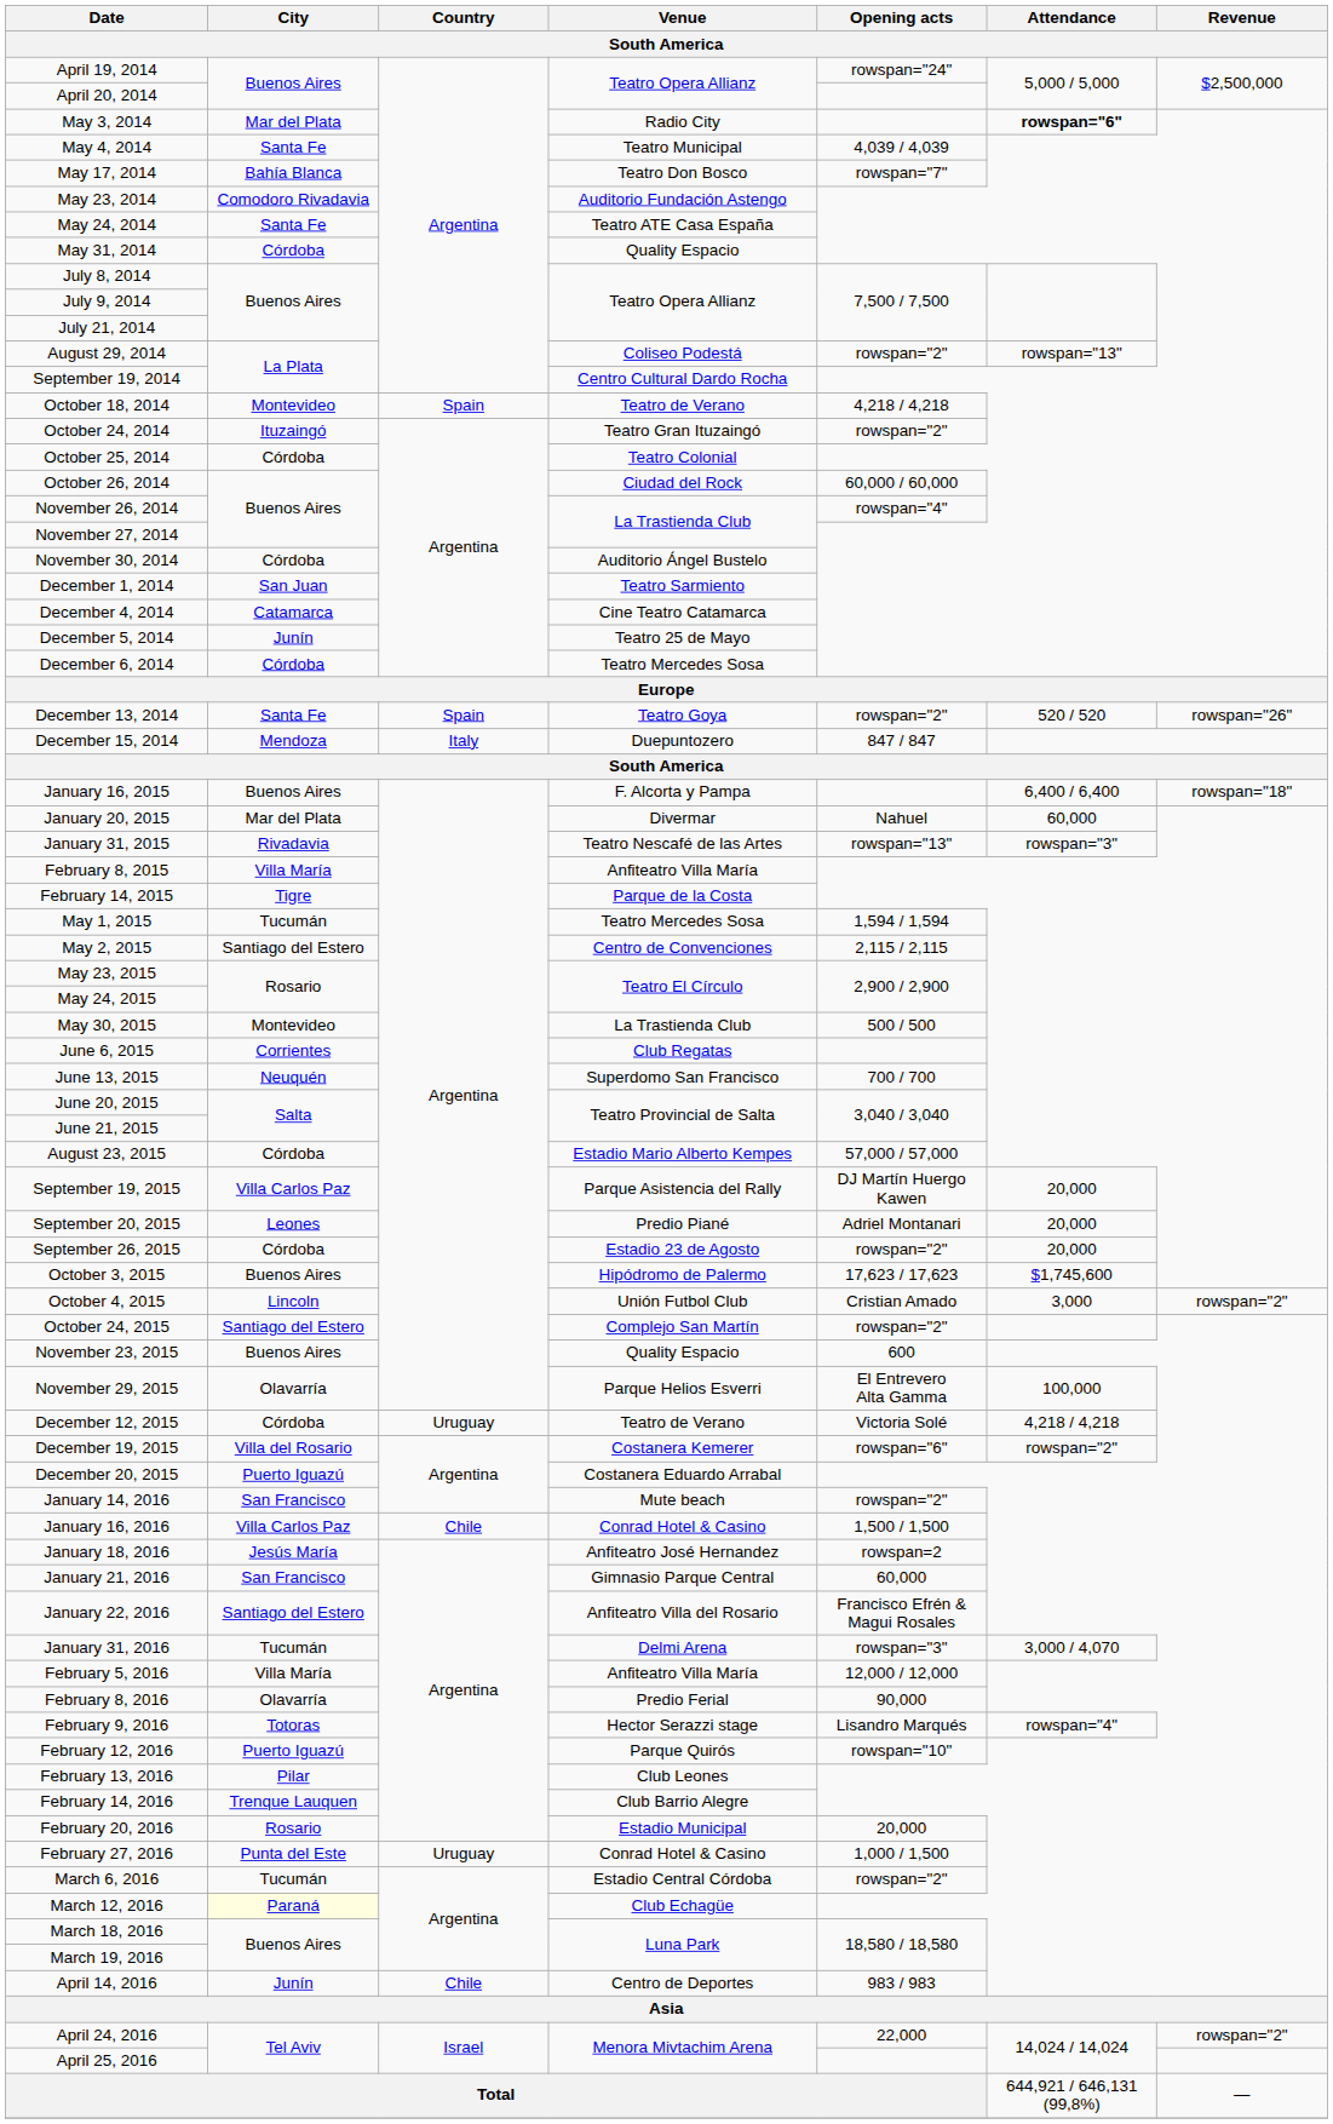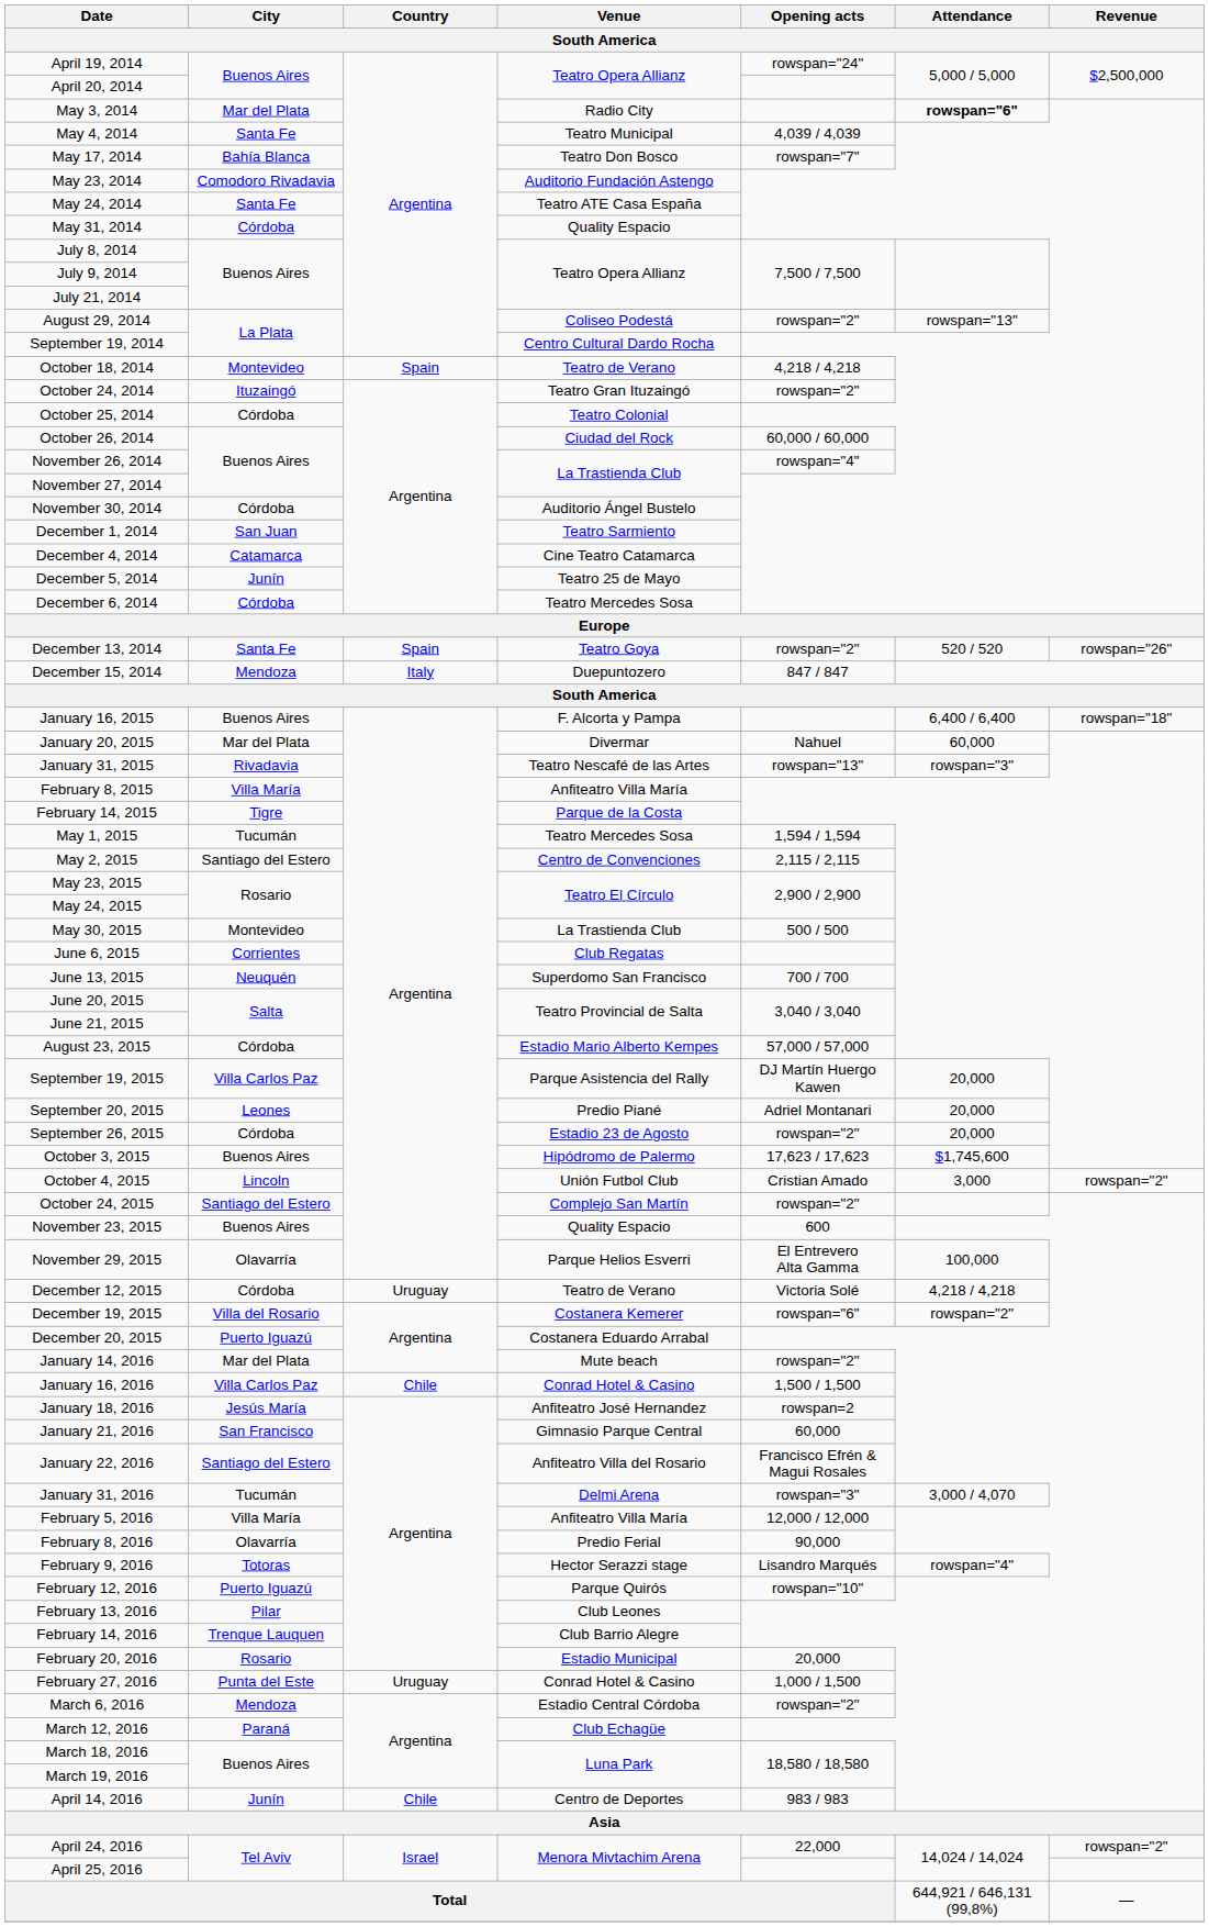 <table class="wikitable plainrowheaders" style="text-align:center;">
 <tr>
 <th scope="col" style="width:12em;">Date</th>
 <th scope="col" style="width:10em;">City</th>
 <th scope="col" style="width:10em;">Country</th>
 <th scope="col" style="width:16em;">Venue</th>
 <th scope="col" style="width:10em;">Opening acts</th>
 <th scope="col" style="width:10em;">Attendance</th>
 <th scope="col" style="width:10em;">Revenue</th>
 </tr>
 <tr>
 <th colspan="7">South America</th>
 </tr>
 <tr>
 <td>April 19, 2014</td>
 <td rowspan="2"><a href='#'>Buenos Aires</a></td>
 <td rowspan="13"> <a href='#'>Argentina</a></td>
 <td rowspan="2"><a href='#'>Teatro Opera Allianz</a></td>
 <td>rowspan="24" </td>
 <td rowspan="2">5,000 / 5,000</td>
 <td rowspan="2"><a href='#'>$</a>2,500,000</td>
 </tr>
 <tr>
 <td>April 20, 2014</td>
 </tr>
 <tr>
 <td>May 3, 2014</td>
 <td><a href='#'>Mar del Plata</a></td>
 <td>Radio City</td>
 <td></td>
 <td><strong>rowspan="6" </strong></td>
 </tr>
 <tr>
 <td>May 4, 2014</td>
 <td><a href='#'>Santa Fe</a></td>
 <td>Teatro Municipal</td>
 <td>4,039 / 4,039</td>
 </tr>
 <tr>
 <td>May 17, 2014</td>
 <td><a href='#'>Bahía Blanca</a></td>
 <td>Teatro Don Bosco</td>
 <td>rowspan="7" </td>
 </tr>
 <tr>
 <td>May 23, 2014</td>
 <td><a href='#'>Comodoro Rivadavia</a></td>
 <td><a href='#'>Auditorio Fundación Astengo</a></td>
 </tr>
 <tr>
 <td>May 24, 2014</td>
 <td><a href='#'>Santa Fe</a></td>
 <td>Teatro ATE Casa España</td>
 </tr>
 <tr>
 <td>May 31, 2014</td>
 <td><a href='#'>Córdoba</a></td>
 <td>Quality Espacio</td>
 </tr>
 <tr>
 <td>July 8, 2014</td>
 <td rowspan="3">Buenos Aires</td>
 <td rowspan="3">Teatro Opera Allianz</td>
 <td rowspan="3">7,500 / 7,500</td>
 <td rowspan="3"></td>
 </tr>
 <tr>
 <td>July 9, 2014</td>
 </tr>
 <tr>
 <td>July 21, 2014</td>
 </tr>
 <tr>
 <td>August 29, 2014</td>
 <td rowspan="2"><a href='#'>La Plata</a></td>
 <td><a href='#'>Coliseo Podestá</a></td>
 <td>rowspan="2" </td>
 <td>rowspan="13" </td>
 </tr>
 <tr>
 <td>September 19, 2014</td>
 <td><a href='#'>Centro Cultural Dardo Rocha</a></td>
 </tr>
 <tr>
 <td>October 18, 2014</td>
 <td><a href='#'>Montevideo</a></td>
 <td> <a href='#'>Spain</a></td>
 <td><a href='#'>Teatro de Verano</a></td>
 <td>4,218 / 4,218</td>
 </tr>
 <tr>
 <td>October 24, 2014</td>
 <td><a href='#'>Ituzaingó</a></td>
 <td rowspan="10"> Argentina</td>
 <td>Teatro Gran Ituzaingó</td>
 <td>rowspan="2" </td>
 </tr>
 <tr>
 <td>October 25, 2014</td>
 <td>Córdoba</td>
 <td><a href='#'>Teatro Colonial</a></td>
 </tr>
 <tr>
 <td>October 26, 2014</td>
 <td rowspan="3">Buenos Aires</td>
 <td><a href='#'>Ciudad del Rock</a></td>
 <td>60,000 / 60,000</td>
 </tr>
 <tr>
 <td>November 26, 2014</td>
 <td rowspan="2"><a href='#'>La Trastienda Club</a></td>
 <td>rowspan="4" </td>
 </tr>
 <tr>
 <td>November 27, 2014</td>
 </tr>
 <tr>
 <td>November 30, 2014</td>
 <td>Córdoba</td>
 <td>Auditorio Ángel Bustelo</td>
 </tr>
 <tr>
 <td>December 1, 2014</td>
 <td><a href='#'>San Juan</a></td>
 <td><a href='#'>Teatro Sarmiento</a></td>
 </tr>
 <tr>
 <td>December 4, 2014</td>
 <td><a href='#'>Catamarca</a></td>
 <td>Cine Teatro Catamarca</td>
 </tr>
 <tr>
 <td>December 5, 2014</td>
 <td><a href='#'>Junín</a></td>
 <td>Teatro 25 de Mayo</td>
 </tr>
 <tr>
 <td>December 6, 2014</td>
 <td><a href='#'>Córdoba</a></td>
 <td>Teatro Mercedes Sosa</td>
 </tr>
 <tr>
 <th colspan="7">Europe</th>
 </tr>
 <tr>
 <td>December 13, 2014</td>
 <td><a href='#'>Santa Fe</a></td>
 <td> <a href='#'>Spain</a></td>
 <td><a href='#'>Teatro Goya</a></td>
 <td>rowspan="2" </td>
 <td>520 / 520</td>
 <td>rowspan="26" </td>
 </tr>
 <tr>
 <td>December 15, 2014</td>
 <td><a href='#'>Mendoza</a></td>
 <td> <a href='#'>Italy</a></td>
 <td>Duepuntozero</td>
 <td>847 / 847</td>
 </tr>
 <tr>
 <th colspan="7">South America</th>
 </tr>
 <tr>
 <td>January 16, 2015</td>
 <td>Buenos Aires</td>
 <td rowspan="23"> Argentina</td>
 <td>F. Alcorta y Pampa</td>
 <td></td>
 <td>6,400 / 6,400</td>
 <td>rowspan="18" </td>
 </tr>
 <tr>
 <td>January 20, 2015</td>
 <td>Mar del Plata</td>
 <td>Divermar</td>
 <td>Nahuel</td>
 <td>60,000</td>
 </tr>
 <tr>
 <td>January 31, 2015</td>
 <td><a href='#'>Rivadavia</a></td>
 <td>Teatro Nescafé de las Artes</td>
 <td>rowspan="13" </td>
 <td>rowspan="3" </td>
 </tr>
 <tr>
 <td>February 8, 2015</td>
 <td><a href='#'>Villa María</a></td>
 <td>Anfiteatro Villa María</td>
 </tr>
 <tr>
 <td>February 14, 2015</td>
 <td><a href='#'>Tigre</a></td>
 <td><a href='#'>Parque de la Costa</a></td>
 </tr>
 <tr>
 <td>May 1, 2015</td>
 <td>Tucumán</td>
 <td>Teatro Mercedes Sosa</td>
 <td>1,594 / 1,594</td>
 </tr>
 <tr>
 <td>May 2, 2015</td>
 <td>Santiago del Estero</td>
 <td><a href='#'>Centro de Convenciones</a></td>
 <td>2,115 / 2,115</td>
 </tr>
 <tr>
 <td>May 23, 2015</td>
 <td rowspan="2">Rosario</td>
 <td rowspan="2"><a href='#'>Teatro El Círculo</a></td>
 <td rowspan="2">2,900 / 2,900</td>
 </tr>
 <tr>
 <td>May 24, 2015</td>
 </tr>
 <tr>
 <td>May 30, 2015</td>
 <td>Montevideo</td>
 <td>La Trastienda Club</td>
 <td>500 / 500</td>
 </tr>
 <tr>
 <td>June 6, 2015</td>
 <td><a href='#'>Corrientes</a></td>
 <td><a href='#'>Club Regatas</a></td>
 <td></td>
 </tr>
 <tr>
 <td>June 13, 2015</td>
 <td><a href='#'>Neuquén</a></td>
 <td>Superdomo San Francisco</td>
 <td>700 / 700</td>
 </tr>
 <tr>
 <td>June 20, 2015</td>
 <td rowspan="2"><a href='#'>Salta</a></td>
 <td rowspan="2">Teatro Provincial de Salta</td>
 <td rowspan="2">3,040 / 3,040</td>
 </tr>
 <tr>
 <td>June 21, 2015</td>
 </tr>
 <tr>
 <td>August 23, 2015</td>
 <td>Córdoba</td>
 <td><a href='#'>Estadio Mario Alberto Kempes</a></td>
 <td>57,000 / 57,000</td>
 </tr>
 <tr>
 <td>September 19, 2015</td>
 <td><a href='#'>Villa Carlos Paz</a></td>
 <td>Parque Asistencia del Rally</td>
 <td>DJ Martín Huergo <br> Kawen</td>
 <td>20,000</td>
 </tr>
 <tr>
 <td>September 20, 2015</td>
 <td><a href='#'>Leones</a></td>
 <td>Predio Piané</td>
 <td>Adriel Montanari</td>
 <td>20,000</td>
 </tr>
 <tr>
 <td>September 26, 2015</td>
 <td>Córdoba</td>
 <td><a href='#'>Estadio 23 de Agosto</a></td>
 <td>rowspan="2" </td>
 <td>20,000</td>
 </tr>
 <tr>
 <td>October 3, 2015</td>
 <td>Buenos Aires</td>
 <td><a href='#'>Hipódromo de Palermo</a></td>
 <td>17,623 / 17,623</td>
 <td><a href='#'>$</a>1,745,600</td>
 </tr>
 <tr>
 <td>October 4, 2015</td>
 <td><a href='#'>Lincoln</a></td>
 <td>Unión Futbol Club</td>
 <td>Cristian Amado</td>
 <td>3,000</td>
 <td>rowspan="2" </td>
 </tr>
 <tr>
 <td>October 24, 2015</td>
 <td><a href='#'>Santiago del Estero</a></td>
 <td><a href='#'>Complejo San Martín</a></td>
 <td>rowspan="2" </td>
 <td></td>
 </tr>
 <tr>
 <td>November 23, 2015</td>
 <td>Buenos Aires</td>
 <td>Quality Espacio</td>
 <td>600</td>
 </tr>
 <tr>
 <td>November 29, 2015</td>
 <td>Olavarría</td>
 <td>Parque Helios Esverri</td>
 <td>El Entrevero <br> Alta Gamma</td>
 <td>100,000</td>
 </tr>
 <tr>
 <td>December 12, 2015</td>
 <td>Córdoba</td>
 <td> Uruguay</td>
 <td>Teatro de Verano</td>
 <td>Victoria Solé</td>
 <td>4,218 / 4,218</td>
 </tr>
 <tr>
 <td>December 19, 2015</td>
 <td><a href='#'>Villa del Rosario</a></td>
 <td rowspan="3"> Argentina</td>
 <td><a href='#'>Costanera Kemerer</a></td>
 <td>rowspan="6" </td>
 <td>rowspan="2" </td>
 </tr>
 <tr>
 <td>December 20, 2015</td>
 <td><a href='#'>Puerto Iguazú</a></td>
 <td>Costanera Eduardo Arrabal</td>
 </tr>
 <tr>
 <td>January 14, 2016</td>
-<td><a href='#'>San Francisco</a></td>
+<td>Mar del Plata</td>
 <td>Mute beach</td>
 <td>rowspan="2" </td>
 </tr>
 <tr>
 <td>January 16, 2016</td>
 <td><a href='#'>Villa Carlos Paz</a></td>
 <td> <a href='#'>Chile</a></td>
 <td><a href='#'>Conrad Hotel & Casino</a></td>
 <td>1,500 / 1,500 </td>
 </tr>
 <tr>
 <td>January 18, 2016</td>
 <td><a href='#'>Jesús María</a></td>
 <td rowspan="11"> Argentina</td>
 <td>Anfiteatro José Hernandez</td>
 <td>rowspan=2 </td>
 </tr>
 <tr>
 <td>January 21, 2016</td>
 <td><a href='#'>San Francisco</a></td>
 <td>Gimnasio Parque Central</td>
 <td>60,000</td>
 </tr>
 <tr>
 <td>January 22, 2016</td>
 <td><a href='#'>Santiago del Estero</a></td>
 <td>Anfiteatro Villa del Rosario</td>
 <td>Francisco Efrén & Magui Rosales</td>
 </tr>
 <tr>
 <td>January 31, 2016</td>
 <td>Tucumán</td>
 <td><a href='#'>Delmi Arena</a></td>
 <td>rowspan="3" </td>
 <td>3,000 / 4,070</td>
 </tr>
 <tr>
 <td>February 5, 2016</td>
 <td>Villa María</td>
 <td>Anfiteatro Villa María</td>
 <td>12,000 / 12,000</td>
 </tr>
 <tr>
 <td>February 8, 2016</td>
 <td>Olavarría</td>
 <td>Predio Ferial</td>
 <td>90,000</td>
 </tr>
 <tr>
 <td>February 9, 2016</td>
 <td><a href='#'>Totoras</a></td>
 <td>Hector Serazzi stage</td>
 <td>Lisandro Marqués</td>
 <td>rowspan="4" </td>
 </tr>
 <tr>
 <td>February 12, 2016</td>
 <td><a href='#'>Puerto Iguazú</a></td>
 <td>Parque Quirós</td>
 <td>rowspan="10" </td>
 </tr>
 <tr>
 <td>February 13, 2016</td>
 <td><a href='#'>Pilar</a></td>
 <td>Club Leones</td>
 </tr>
 <tr>
 <td>February 14, 2016</td>
 <td><a href='#'>Trenque Lauquen</a></td>
 <td>Club Barrio Alegre</td>
 </tr>
 <tr>
 <td>February 20, 2016</td>
 <td><a href='#'>Rosario</a></td>
 <td><a href='#'>Estadio Municipal</a></td>
 <td>20,000</td>
 </tr>
 <tr>
 <td>February 27, 2016</td>
 <td><a href='#'>Punta del Este</a></td>
 <td> Uruguay</td>
 <td>Conrad Hotel & Casino</td>
 <td>1,000 / 1,500</td>
 </tr>
 <tr>
 <td>March 6, 2016</td>
-<td>Tucumán</td>
+<td><a href='#'>Mendoza</a></td>
 <td rowspan="4"> Argentina</td>
 <td>Estadio Central Córdoba</td>
 <td>rowspan="2" </td>
 </tr>
 <tr>
 <td>March 12, 2016</td>
-<td style="background: lightyellow;"><a href='#'>Paraná</a></td>
+<td><a href='#'>Paraná</a></td>
 <td><a href='#'>Club Echagüe</a></td>
 </tr>
 <tr>
 <td>March 18, 2016</td>
 <td rowspan="2">Buenos Aires</td>
 <td rowspan="2"><a href='#'>Luna Park</a></td>
 <td rowspan="2">18,580 / 18,580</td>
 </tr>
 <tr>
 <td>March 19, 2016</td>
 </tr>
 <tr>
 <td>April 14, 2016</td>
 <td><a href='#'>Junín</a></td>
 <td> <a href='#'>Chile</a></td>
 <td>Centro de Deportes</td>
 <td>983 / 983</td>
 </tr>
 <tr>
 <th colspan="7">Asia</th>
 </tr>
 <tr>
 <td>April 24, 2016</td>
 <td rowspan="2"><a href='#'>Tel Aviv</a></td>
 <td rowspan="2"> <a href='#'>Israel</a></td>
 <td rowspan="2"><a href='#'>Menora Mivtachim Arena</a></td>
 <td>22,000</td>
 <td rowspan="2">14,024 / 14,024</td>
 <td>rowspan="2" </td>
 </tr>
 <tr>
 <td>April 25, 2016</td>
 </tr>
 <tr>
 <th colspan="5">Total</th>
 <td>644,921 / 646,131 (99,8%)</td>
 <td>—</td>
 </tr>
 <tr>
 </tr>
 </table>
